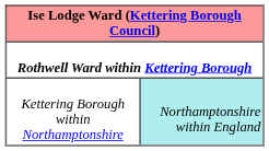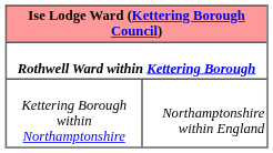 <table border=1 cellpadding="2" cellspacing="0" align="right" width=300>
 <tr>
 <th colspan=2 align=center bgcolor="#ff9999">Ise Lodge Ward (<a href='#'>Kettering Borough Council</a>)</th>
 </tr>
 <tr>
 <th colspan=2 alignn=center><br><em>Rothwell Ward within <a href='#'>Kettering Borough</a></em></th>
 </tr>
 <tr>
 <td align=center><br><em>Kettering Borough within <a href='#'>Northamptonshire</a></em></td>
-<td align=right style="background: paleturquoise;"><br><em>Northamptonshire within England</em></td>
+<td align=right><br><em>Northamptonshire within England</em></td>
 </tr>
 </table>
